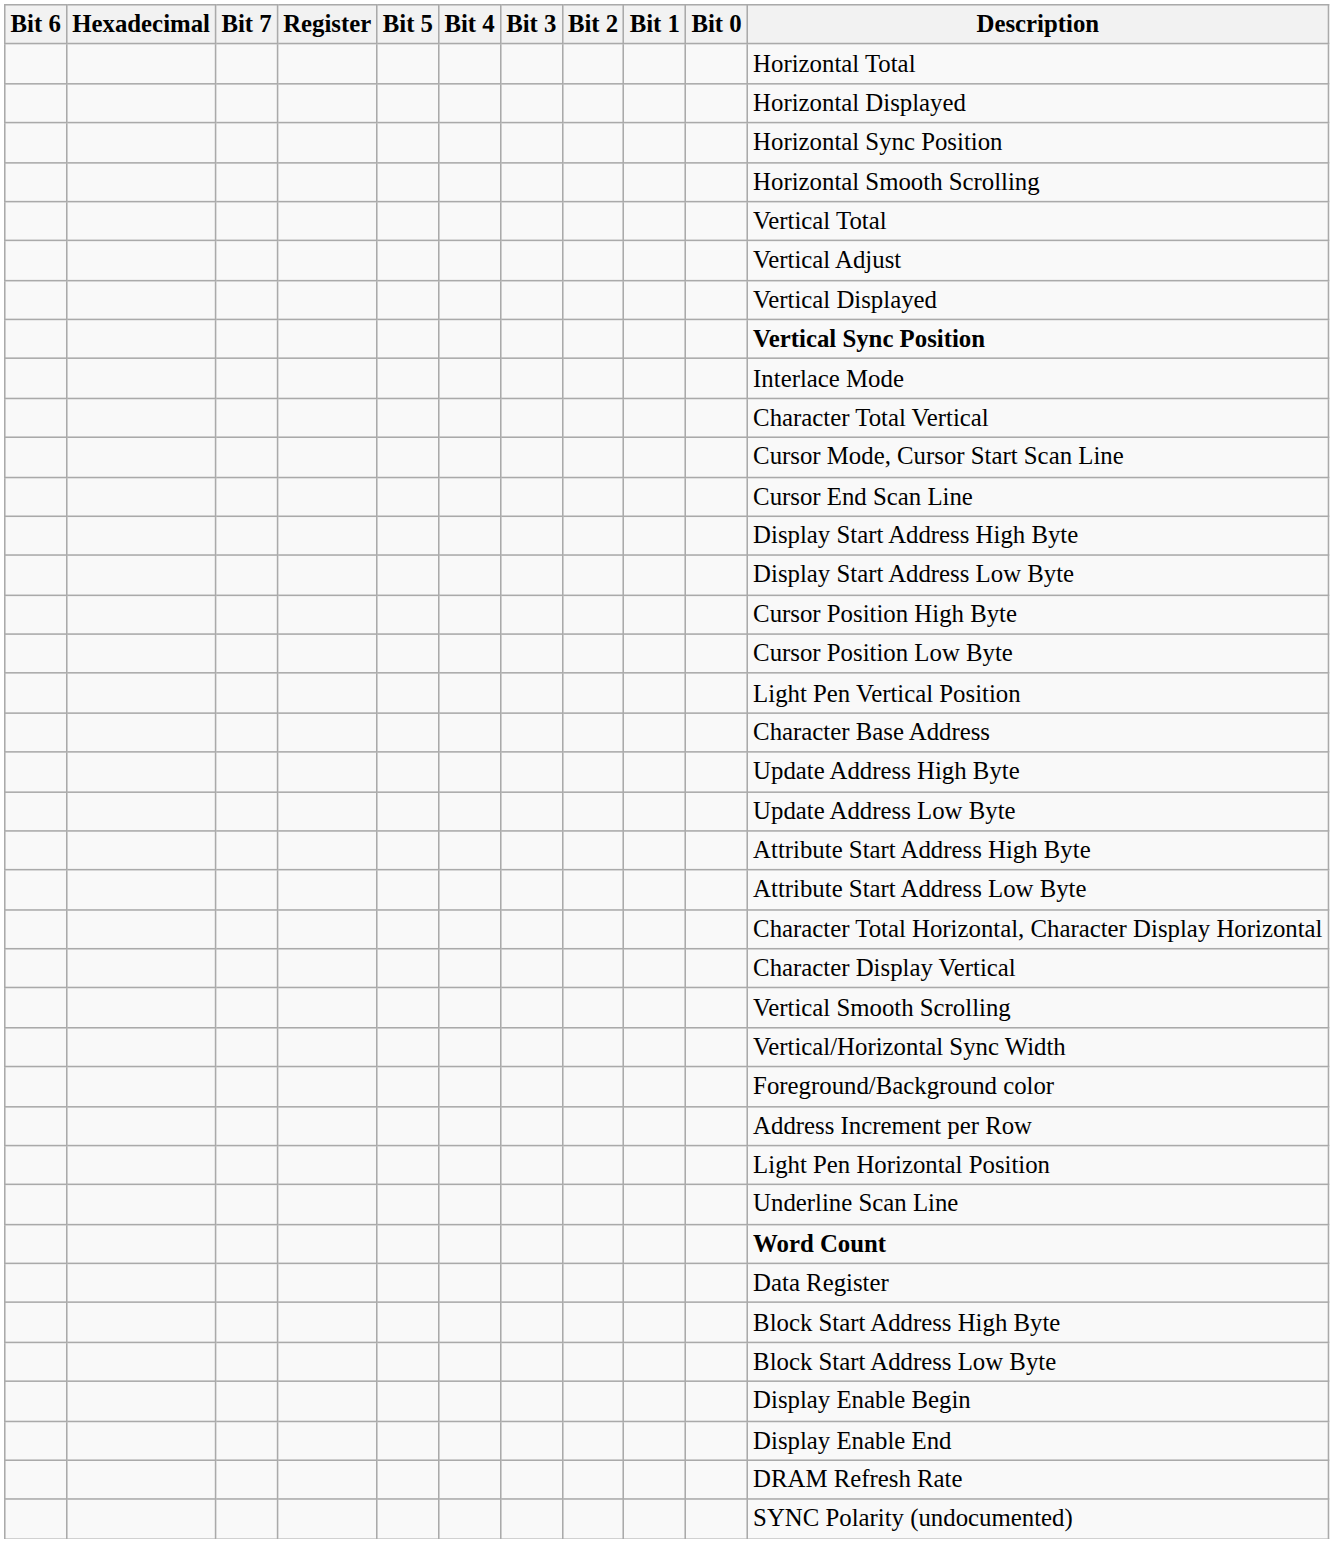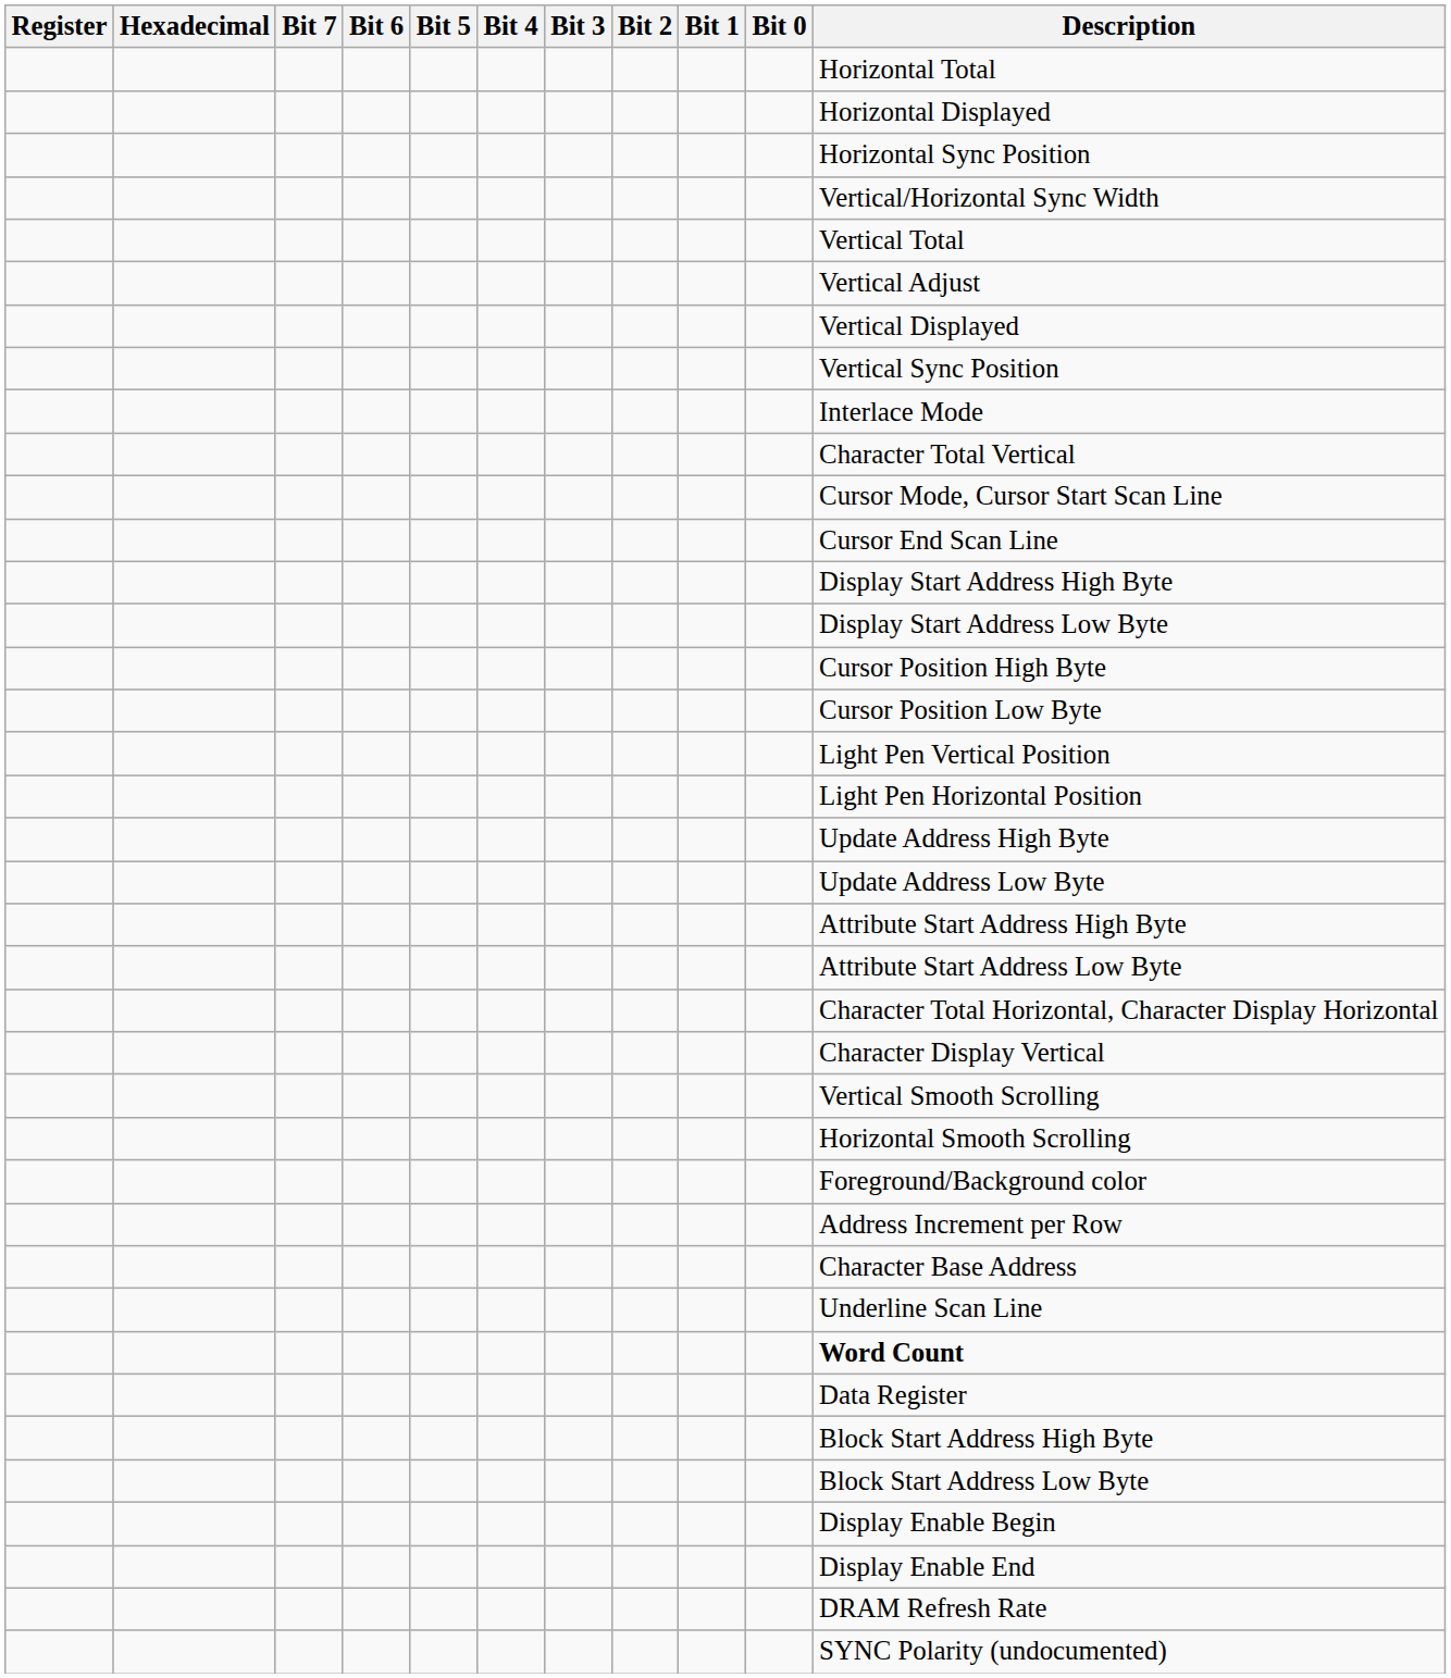 <table class="wikitable" border="1">
 <tr>
-<th>Bit 6</th>
+<th>Register</th>
 <th>Hexadecimal</th>
 <th>Bit 7</th>
-<th>Register</th>
+<th>Bit 6</th>
 <th>Bit 5</th>
 <th>Bit 4</th>
 <th>Bit 3</th>
 <th>Bit 2</th>
 <th>Bit 1</th>
 <th>Bit 0</th>
 <th>Description</th>
 </tr>
 <tr>
 <td></td>
 <td></td>
 <td></td>
 <td></td>
 <td></td>
 <td></td>
 <td></td>
 <td></td>
 <td></td>
 <td></td>
 <td>Horizontal Total</td>
 </tr>
 <tr>
 <td></td>
 <td></td>
 <td></td>
 <td></td>
 <td></td>
 <td></td>
 <td></td>
 <td></td>
 <td></td>
 <td></td>
 <td>Horizontal Displayed</td>
 </tr>
 <tr>
 <td></td>
 <td></td>
 <td></td>
 <td></td>
 <td></td>
 <td></td>
 <td></td>
 <td></td>
 <td></td>
 <td></td>
 <td>Horizontal Sync Position</td>
 </tr>
 <tr>
 <td></td>
 <td></td>
 <td></td>
 <td></td>
 <td></td>
 <td></td>
 <td></td>
 <td></td>
 <td></td>
 <td></td>
-<td>Horizontal Smooth Scrolling</td>
+<td>Vertical/Horizontal Sync Width</td>
 </tr>
 <tr>
 <td></td>
 <td></td>
 <td></td>
 <td></td>
 <td></td>
 <td></td>
 <td></td>
 <td></td>
 <td></td>
 <td></td>
 <td>Vertical Total</td>
 </tr>
 <tr>
 <td></td>
 <td></td>
 <td></td>
 <td></td>
 <td></td>
 <td></td>
 <td></td>
 <td></td>
 <td></td>
 <td></td>
 <td>Vertical Adjust</td>
 </tr>
 <tr>
 <td></td>
 <td></td>
 <td></td>
 <td></td>
 <td></td>
 <td></td>
 <td></td>
 <td></td>
 <td></td>
 <td></td>
 <td>Vertical Displayed</td>
 </tr>
 <tr>
 <td></td>
 <td></td>
 <td></td>
 <td></td>
 <td></td>
 <td></td>
 <td></td>
 <td></td>
 <td></td>
 <td></td>
-<td><strong>Vertical Sync Position</strong></td>
+<td>Vertical Sync Position</td>
 </tr>
 <tr>
 <td></td>
 <td></td>
 <td></td>
 <td></td>
 <td></td>
 <td></td>
 <td></td>
 <td></td>
 <td></td>
 <td></td>
 <td>Interlace Mode</td>
 </tr>
 <tr>
 <td></td>
 <td></td>
 <td></td>
 <td></td>
 <td></td>
 <td></td>
 <td></td>
 <td></td>
 <td></td>
 <td></td>
 <td>Character Total Vertical</td>
 </tr>
 <tr>
 <td></td>
 <td></td>
 <td></td>
 <td></td>
 <td></td>
 <td></td>
 <td></td>
 <td></td>
 <td></td>
 <td></td>
 <td>Cursor Mode, Cursor Start Scan Line</td>
 </tr>
 <tr>
 <td></td>
 <td></td>
 <td></td>
 <td></td>
 <td></td>
 <td></td>
 <td></td>
 <td></td>
 <td></td>
 <td></td>
 <td>Cursor End Scan Line</td>
 </tr>
 <tr>
 <td></td>
 <td></td>
 <td></td>
 <td></td>
 <td></td>
 <td></td>
 <td></td>
 <td></td>
 <td></td>
 <td></td>
 <td>Display Start Address High Byte</td>
 </tr>
 <tr>
 <td></td>
 <td></td>
 <td></td>
 <td></td>
 <td></td>
 <td></td>
 <td></td>
 <td></td>
 <td></td>
 <td></td>
 <td>Display Start Address Low Byte</td>
 </tr>
 <tr>
 <td></td>
 <td></td>
 <td></td>
 <td></td>
 <td></td>
 <td></td>
 <td></td>
 <td></td>
 <td></td>
 <td></td>
 <td>Cursor Position High Byte</td>
 </tr>
 <tr>
 <td></td>
 <td></td>
 <td></td>
 <td></td>
 <td></td>
 <td></td>
 <td></td>
 <td></td>
 <td></td>
 <td></td>
 <td>Cursor Position Low Byte</td>
 </tr>
 <tr>
 <td></td>
 <td></td>
 <td></td>
 <td></td>
 <td></td>
 <td></td>
 <td></td>
 <td></td>
 <td></td>
 <td></td>
 <td>Light Pen Vertical Position</td>
 </tr>
 <tr>
 <td></td>
 <td></td>
 <td></td>
 <td></td>
 <td></td>
 <td></td>
 <td></td>
 <td></td>
 <td></td>
 <td></td>
-<td>Character Base Address</td>
+<td>Light Pen Horizontal Position</td>
 </tr>
 <tr>
 <td></td>
 <td></td>
 <td></td>
 <td></td>
 <td></td>
 <td></td>
 <td></td>
 <td></td>
 <td></td>
 <td></td>
 <td>Update Address High Byte</td>
 </tr>
 <tr>
 <td></td>
 <td></td>
 <td></td>
 <td></td>
 <td></td>
 <td></td>
 <td></td>
 <td></td>
 <td></td>
 <td></td>
 <td>Update Address Low Byte</td>
 </tr>
 <tr>
 <td></td>
 <td></td>
 <td></td>
 <td></td>
 <td></td>
 <td></td>
 <td></td>
 <td></td>
 <td></td>
 <td></td>
 <td>Attribute Start Address High Byte</td>
 </tr>
 <tr>
 <td></td>
 <td></td>
 <td></td>
 <td></td>
 <td></td>
 <td></td>
 <td></td>
 <td></td>
 <td></td>
 <td></td>
 <td>Attribute Start Address Low Byte</td>
 </tr>
 <tr>
 <td></td>
 <td></td>
 <td></td>
 <td></td>
 <td></td>
 <td></td>
 <td></td>
 <td></td>
 <td></td>
 <td></td>
 <td>Character Total Horizontal, Character Display Horizontal</td>
 </tr>
 <tr>
 <td></td>
 <td></td>
 <td></td>
 <td></td>
 <td></td>
 <td></td>
 <td></td>
 <td></td>
 <td></td>
 <td></td>
 <td>Character Display Vertical</td>
 </tr>
 <tr>
 <td></td>
 <td></td>
 <td></td>
 <td></td>
 <td></td>
 <td></td>
 <td></td>
 <td></td>
 <td></td>
 <td></td>
 <td>Vertical Smooth Scrolling</td>
 </tr>
 <tr>
 <td></td>
 <td></td>
 <td></td>
 <td></td>
 <td></td>
 <td></td>
 <td></td>
 <td></td>
 <td></td>
 <td></td>
-<td>Vertical/Horizontal Sync Width</td>
+<td>Horizontal Smooth Scrolling</td>
 </tr>
 <tr>
 <td></td>
 <td></td>
 <td></td>
 <td></td>
 <td></td>
 <td></td>
 <td></td>
 <td></td>
 <td></td>
 <td></td>
 <td>Foreground/Background color</td>
 </tr>
 <tr>
 <td></td>
 <td></td>
 <td></td>
 <td></td>
 <td></td>
 <td></td>
 <td></td>
 <td></td>
 <td></td>
 <td></td>
 <td>Address Increment per Row</td>
 </tr>
 <tr>
 <td></td>
 <td></td>
 <td></td>
 <td></td>
 <td></td>
 <td></td>
 <td></td>
 <td></td>
 <td></td>
 <td></td>
-<td>Light Pen Horizontal Position</td>
+<td>Character Base Address</td>
 </tr>
 <tr>
 <td></td>
 <td></td>
 <td></td>
 <td></td>
 <td></td>
 <td></td>
 <td></td>
 <td></td>
 <td></td>
 <td></td>
 <td>Underline Scan Line</td>
 </tr>
 <tr>
 <td></td>
 <td></td>
 <td></td>
 <td></td>
 <td></td>
 <td></td>
 <td></td>
 <td></td>
 <td></td>
 <td></td>
 <td><strong>Word Count</strong></td>
 </tr>
 <tr>
 <td></td>
 <td></td>
 <td></td>
 <td></td>
 <td></td>
 <td></td>
 <td></td>
 <td></td>
 <td></td>
 <td></td>
 <td>Data Register</td>
 </tr>
 <tr>
 <td></td>
 <td></td>
 <td></td>
 <td></td>
 <td></td>
 <td></td>
 <td></td>
 <td></td>
 <td></td>
 <td></td>
 <td>Block Start Address High Byte</td>
 </tr>
 <tr>
 <td></td>
 <td></td>
 <td></td>
 <td></td>
 <td></td>
 <td></td>
 <td></td>
 <td></td>
 <td></td>
 <td></td>
 <td>Block Start Address Low Byte</td>
 </tr>
 <tr>
 <td></td>
 <td></td>
 <td></td>
 <td></td>
 <td></td>
 <td></td>
 <td></td>
 <td></td>
 <td></td>
 <td></td>
 <td>Display Enable Begin</td>
 </tr>
 <tr>
 <td></td>
 <td></td>
 <td></td>
 <td></td>
 <td></td>
 <td></td>
 <td></td>
 <td></td>
 <td></td>
 <td></td>
 <td>Display Enable End</td>
 </tr>
 <tr>
 <td></td>
 <td></td>
 <td></td>
 <td></td>
 <td></td>
 <td></td>
 <td></td>
 <td></td>
 <td></td>
 <td></td>
 <td>DRAM Refresh Rate</td>
 </tr>
 <tr>
 <td></td>
 <td></td>
 <td></td>
 <td></td>
 <td></td>
 <td></td>
 <td></td>
 <td></td>
 <td></td>
 <td></td>
 <td>SYNC Polarity (undocumented)</td>
 </tr>
 </table>
